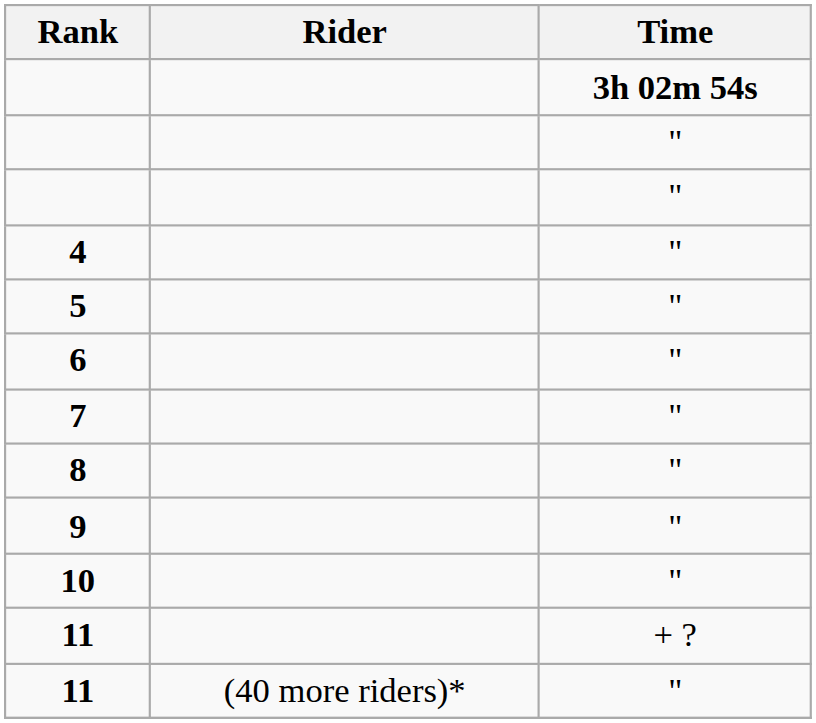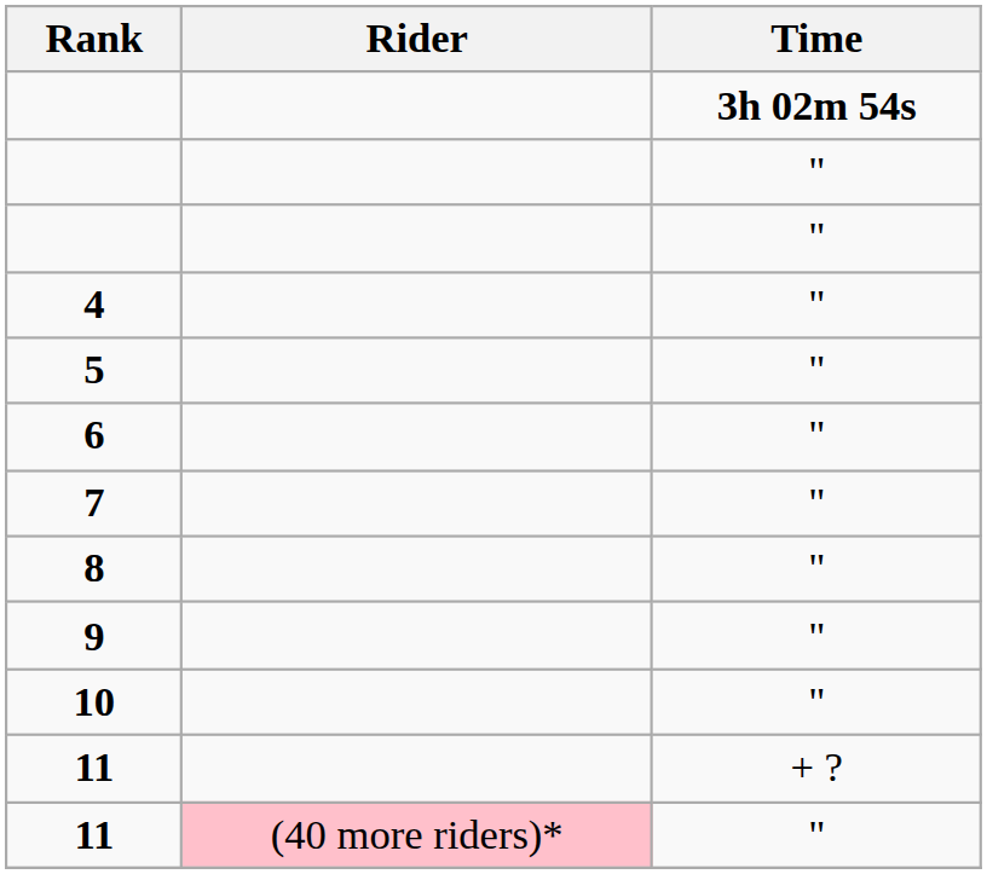 <table class=wikitable  style="text-align:center; font-size:100%;" width="60%">
 <tr>
 <th>Rank</th>
 <th>Rider</th>
 <th>Time</th>
 </tr>
 <tr>
 <td></td>
 <td align="left"></td>
 <td><strong>3h 02m 54s</strong></td>
 </tr>
 <tr>
 <td></td>
 <td align="left"></td>
 <td>"</td>
 </tr>
 <tr>
 <td></td>
 <td align="left"></td>
 <td>"</td>
 </tr>
 <tr>
 <td><strong>4</strong></td>
 <td align="left"></td>
 <td>"</td>
 </tr>
 <tr>
 <td><strong>5</strong></td>
 <td align="left"></td>
 <td>"</td>
 </tr>
 <tr>
 <td><strong>6</strong></td>
 <td align="left"></td>
 <td>"</td>
 </tr>
 <tr>
 <td><strong>7</strong></td>
 <td align="left"></td>
 <td>"</td>
 </tr>
 <tr>
 <td><strong>8</strong></td>
 <td align="left"></td>
 <td>"</td>
 </tr>
 <tr>
 <td><strong>9</strong></td>
 <td align="left"></td>
 <td>"</td>
 </tr>
 <tr>
 <td><strong>10</strong></td>
 <td align="left"></td>
 <td>"</td>
 </tr>
 <tr>
 <td><strong>11</strong></td>
 <td align="left"></td>
 <td>+ ?</td>
 </tr>
 <tr>
 <td><strong>11</strong></td>
-<td>(40 more riders)*</td>
+<td style="background: pink;">(40 more riders)*</td>
 <td>"</td>
 </tr>
 <tr>
 </tr>
 </table>
